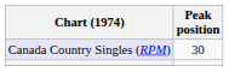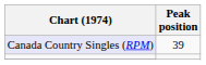 <table class="wikitable sortable">
 <tr>
 <th align="left">Chart (1974)</th>
 <th align="center">Peak<br>position</th>
 </tr>
 <tr>
 <td align="left" style="background: lavender;">Canada Country Singles (<em><a href='#'>RPM</a></em>)</td>
-<td align="center">30</td>
+<td align="center">39</td>
 </tr>
 <tr>
 <td></td>
 </tr>
 <tr>
 </tr>
 </table>
